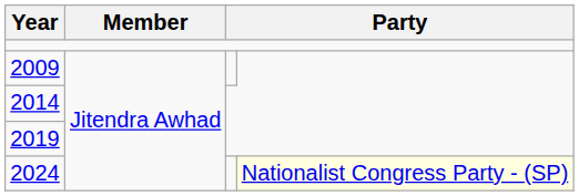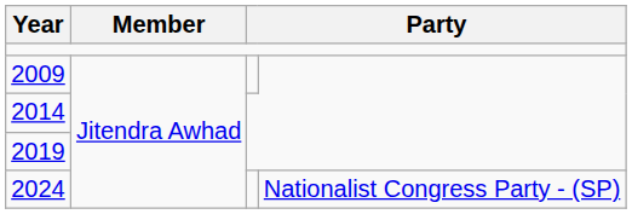 <table class="wikitable">
 <tr>
 <th>Year</th>
 <th>Member</th>
 <th colspan="2">Party</th>
 </tr>
 <tr>
 <td colspan="4"></td>
 </tr>
 <tr>
 <td><a href='#'>2009</a></td>
 <td rowspan="4"><a href='#'>Jitendra Awhad</a></td>
 <td></td>
 </tr>
 <tr>
 <td><a href='#'>2014</a></td>
 </tr>
 <tr>
 <td><a href='#'>2019</a></td>
 </tr>
 <tr>
 <td><a href='#'>2024</a></td>
 <td style="background-color: "></td>
-<td style="background: lightyellow;"><a href='#'>Nationalist Congress Party - (SP)</a></td>
+<td><a href='#'>Nationalist Congress Party - (SP)</a></td>
 </tr>
 </table>
